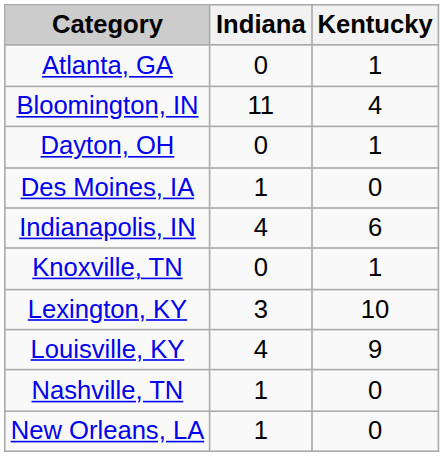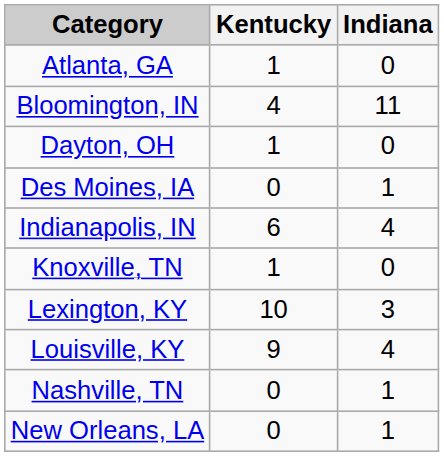 <table class="wikitable">
 <tr>
 <th style="background:#CCCCCC; text-align:center">Category</th>
+<th>Kentucky</th>
 <th>Indiana</th>
-<th>Kentucky</th>
 </tr>
 <tr>
 <td align=center><a href='#'>Atlanta, GA</a></td>
+<td align=center>1</td>
+<td align=center>0</td>
+</tr>
+<tr>
+<td align=center><a href='#'>Bloomington, IN</a></td>
+<td align=center>4</td>
+<td align=center>11</td>
+</tr>
+<tr>
+<td align=center><a href='#'>Dayton, OH</a></td>
+<td align=center>1</td>
+<td align=center>0</td>
+</tr>
+<tr>
+<td align=center><a href='#'>Des Moines, IA</a></td>
 <td align=center>0</td>
 <td align=center>1</td>
 </tr>
 <tr>
-<td align=center><a href='#'>Bloomington, IN</a></td>
-<td align=center>11</td>
+<td align=center><a href='#'>Indianapolis, IN</a></td>
+<td align=center>6</td>
 <td align=center>4</td>
 </tr>
 <tr>
-<td align=center><a href='#'>Dayton, OH</a></td>
+<td align=center><a href='#'>Knoxville, TN</a></td>
+<td align=center>1</td>
+<td align=center>0</td>
+</tr>
+<tr>
+<td align=center><a href='#'>Lexington, KY</a></td>
+<td align=center>10</td>
+<td align=center>3</td>
+</tr>
+<tr>
+<td align=center><a href='#'>Louisville, KY</a></td>
+<td align=center>9</td>
+<td align=center>4</td>
+</tr>
+<tr>
+<td align=center><a href='#'>Nashville, TN</a></td>
 <td align=center>0</td>
 <td align=center>1</td>
 </tr>
 <tr>
-<td align=center><a href='#'>Des Moines, IA</a></td>
-<td align=center>1</td>
-<td align=center>0</td>
-</tr>
-<tr>
-<td align=center><a href='#'>Indianapolis, IN</a></td>
-<td align=center>4</td>
-<td align=center>6</td>
-</tr>
-<tr>
-<td align=center><a href='#'>Knoxville, TN</a></td>
+<td align=center><a href='#'>New Orleans, LA</a></td>
 <td align=center>0</td>
 <td align=center>1</td>
 </tr>
-<tr>
-<td align=center><a href='#'>Lexington, KY</a></td>
-<td align=center>3</td>
-<td align=center>10</td>
-</tr>
-<tr>
-<td align=center><a href='#'>Louisville, KY</a></td>
-<td align=center>4</td>
-<td align=center>9</td>
-</tr>
-<tr>
-<td align=center><a href='#'>Nashville, TN</a></td>
-<td align=center>1</td>
-<td align=center>0</td>
-</tr>
-<tr>
-<td align=center><a href='#'>New Orleans, LA</a></td>
-<td align=center>1</td>
-<td align=center>0</td>
-</tr>
 </table>
